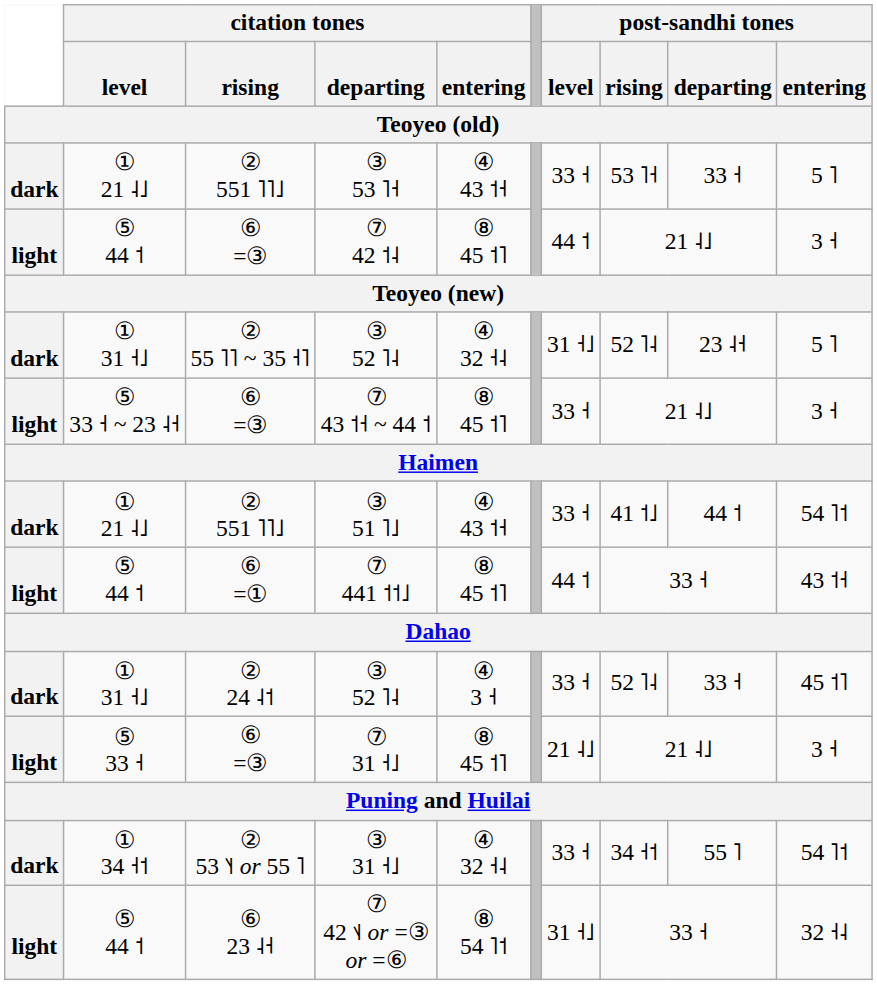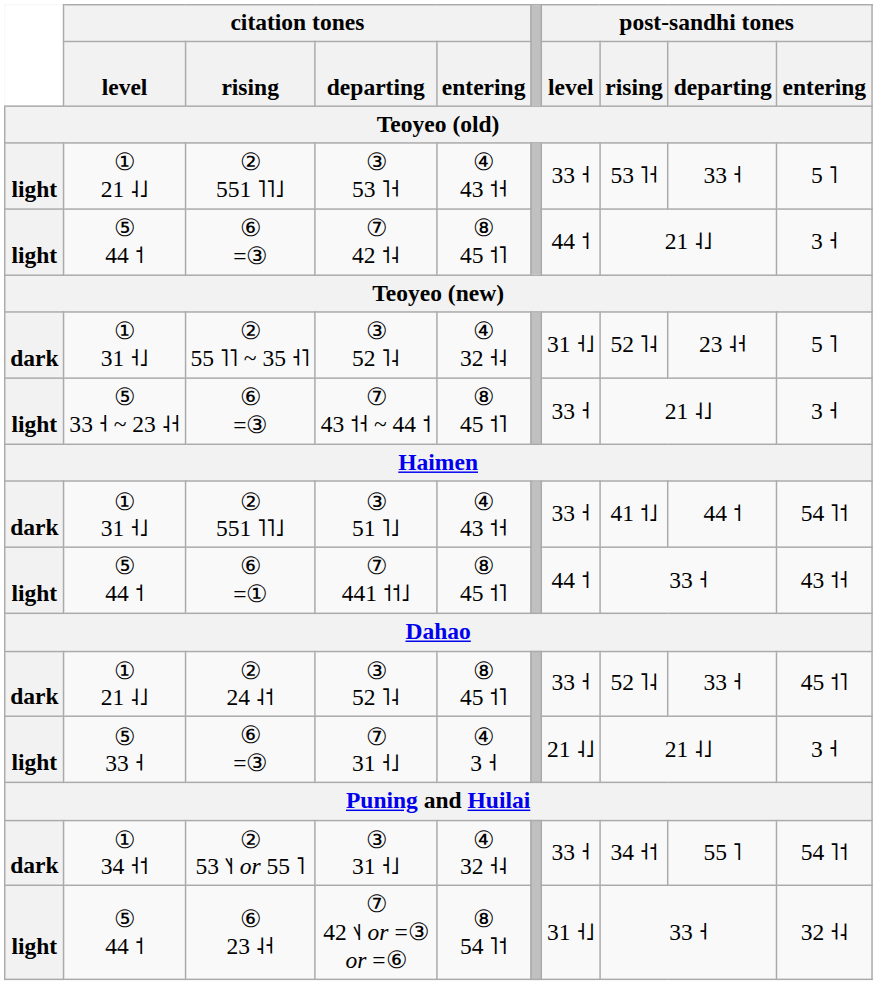 <table class="wikitable" style="text-align:center;margin-right:1.4em;">
 <tr>
 <th rowspan="2" style="border-left:hidden;border-top:hidden;background-color:white;"></th>
 <th colspan="4">citation tones</th>
 <th rowspan="2" style="background-color:Silver;"></th>
 <th colspan="4">post-sandhi tones</th>
 </tr>
 <tr>
 <th><br>level</th>
 <th><br>rising</th>
 <th><br>departing</th>
 <th><br>entering</th>
 <th><br>level</th>
 <th><br>rising</th>
 <th><br>departing</th>
 <th><br>entering</th>
 </tr>
 <tr>
 <th colspan="10">Teoyeo (old)</th>
 </tr>
 <tr>
-<th><br>dark</th>
+<th><br>light</th>
 <td>①<br>21 ˨˩</td>
 <td>②<br>551 ˥˥˩</td>
 <td>③<br>53 ˥˧</td>
 <td>④<br>43 ˦˧</td>
 <td rowspan="2" style="background-color:Silver;"></td>
 <td>33 ˧</td>
 <td>53 ˥˧</td>
 <td>33 ˧</td>
 <td>5 ˥</td>
 </tr>
 <tr>
 <th><br>light</th>
 <td>⑤<br>44 ˦</td>
 <td>⑥<br>=③</td>
 <td>⑦<br>42 ˦˨</td>
 <td>⑧<br>45 ˦˥</td>
 <td>44 ˦</td>
 <td colspan="2">21 ˨˩</td>
 <td>3 ˧</td>
 </tr>
 <tr>
 <th colspan="10">Teoyeo (new)</th>
 </tr>
 <tr>
 <th><br>dark</th>
 <td>①<br>31 ˧˩</td>
 <td>②<br>55 ˥˥ ~ 35 ˧˥</td>
 <td>③<br>52 ˥˨</td>
 <td>④<br>32 ˧˨</td>
 <td rowspan="2" style="background-color:Silver;"></td>
 <td>31 ˧˩</td>
 <td>52 ˥˨</td>
 <td>23 ˨˧</td>
 <td>5 ˥</td>
 </tr>
 <tr>
 <th><br>light</th>
 <td>⑤<br>33 ˧ ~ 23 ˨˧</td>
 <td>⑥<br>=③</td>
 <td>⑦<br>43 ˦˧ ~ 44 ˦</td>
 <td>⑧<br>45 ˦˥</td>
 <td>33 ˧</td>
 <td colspan="2">21 ˨˩</td>
 <td>3 ˧</td>
 </tr>
 <tr>
 <th colspan="10"><a href='#'>Haimen</a></th>
 </tr>
 <tr>
 <th><br>dark</th>
-<td>①<br>21 ˨˩</td>
+<td>①<br>31 ˧˩</td>
 <td>②<br>551 ˥˥˩</td>
 <td>③<br>51 ˥˩</td>
 <td>④<br>43 ˦˧</td>
 <td rowspan="2" style="background-color:Silver;"></td>
 <td>33 ˧</td>
 <td>41 ˦˩</td>
 <td>44 ˦</td>
 <td>54 ˥˦</td>
 </tr>
 <tr>
 <th><br>light</th>
 <td>⑤<br>44 ˦</td>
 <td>⑥<br>=①</td>
 <td>⑦<br>441 ˦˦˩</td>
 <td>⑧<br>45 ˦˥</td>
 <td>44 ˦</td>
 <td colspan="2">33 ˧</td>
 <td>43 ˦˧</td>
 </tr>
 <tr>
 <th colspan="10"><a href='#'>Dahao</a></th>
 </tr>
 <tr>
 <th><br>dark</th>
-<td>①<br>31 ˧˩</td>
+<td>①<br>21 ˨˩</td>
 <td>②<br>24 ˨˦</td>
 <td>③<br>52 ˥˨</td>
-<td>④<br>3 ˧</td>
+<td>⑧<br>45 ˦˥</td>
 <td rowspan="2" style="background-color:Silver;"></td>
 <td>33 ˧</td>
 <td>52 ˥˨</td>
 <td>33 ˧</td>
 <td>45 ˦˥</td>
 </tr>
 <tr>
 <th><br>light</th>
 <td>⑤<br>33 ˧</td>
 <td>⑥<br>=③</td>
 <td>⑦<br>31 ˧˩</td>
-<td>⑧<br>45 ˦˥</td>
+<td>④<br>3 ˧</td>
 <td>21 ˨˩</td>
 <td colspan="2">21 ˨˩</td>
 <td>3 ˧</td>
 </tr>
 <tr>
 <th colspan="10"><a href='#'>Puning</a> and <a href='#'>Huilai</a></th>
 </tr>
 <tr>
 <th><br>dark</th>
 <td>①<br>34 ˧˦</td>
 <td>②<br>53 ˥˧ <em>or</em> 55 ˥</td>
 <td>③<br>31 ˧˩</td>
 <td>④<br>32 ˧˨</td>
 <td rowspan="2" style="background-color:Silver;"></td>
 <td>33 ˧</td>
 <td>34 ˧˦</td>
 <td>55 ˥</td>
 <td>54 ˥˦</td>
 </tr>
 <tr>
 <th><br>light</th>
 <td>⑤<br>44 ˦</td>
 <td>⑥<br>23 ˨˧</td>
 <td>⑦<br>42 ˦˨ <em>or</em> =③<br><em>or</em> =⑥</td>
 <td>⑧<br>54 ˥˦</td>
 <td>31 ˧˩</td>
 <td colspan="2">33 ˧</td>
 <td>32 ˧˨</td>
 </tr>
 </table>
